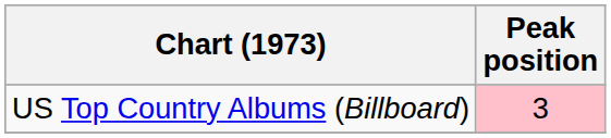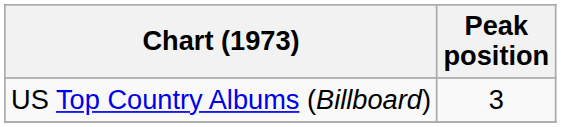 <table class="wikitable">
 <tr>
 <th>Chart (1973)</th>
 <th>Peak<br>position</th>
 </tr>
 <tr>
 <td>US <a href='#'>Top Country Albums</a> (<em>Billboard</em>)</td>
-<td align="center" style="background: pink;">3</td>
+<td align="center">3</td>
 </tr>
 <tr>
 </tr>
 </table>
